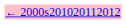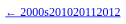 <table id=toc class=toc summary=Contents>
 <tr>
 <th></th>
 </tr>
 <tr>
-<td align=center style="background: pink;"><a href='#'>← 2000s</a><a href='#'>2010</a><a href='#'>2011</a><a href='#'>2012</a></td>
+<td align=center><a href='#'>← 2000s</a><a href='#'>2010</a><a href='#'>2011</a><a href='#'>2012</a></td>
 </tr>
 </table>
